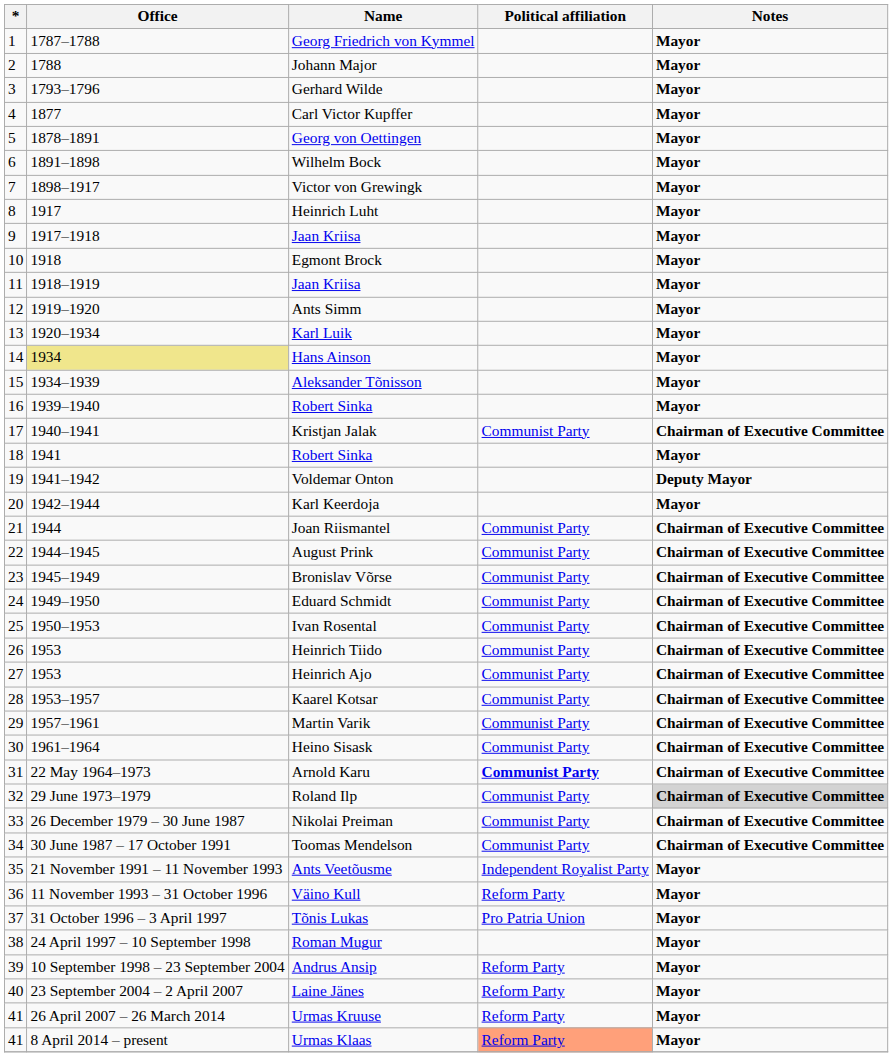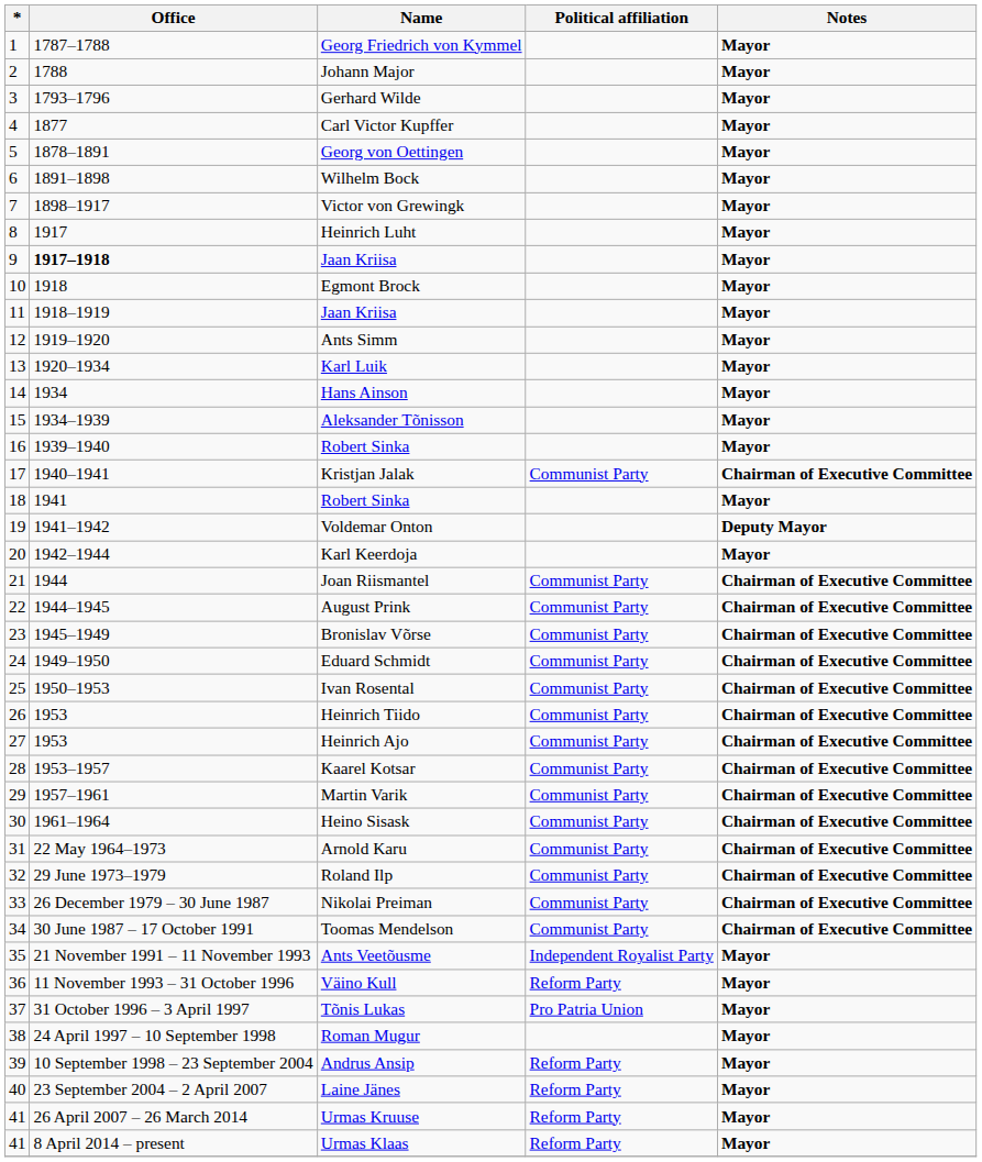 <table class="wikitable">
 <tr>
 <th>*</th>
 <th>Office</th>
 <th>Name</th>
 <th>Political affiliation</th>
 <th>Notes</th>
 </tr>
 <tr>
 <td style="text-align: justify">1</td>
 <td>1787–1788</td>
 <td><a href='#'>Georg Friedrich von Kymmel</a></td>
 <td></td>
 <td><strong>Mayor</strong></td>
 </tr>
 <tr>
 <td style="text-align: justify">2</td>
 <td>1788</td>
 <td>Johann Major</td>
 <td></td>
 <td><strong>Mayor</strong></td>
 </tr>
 <tr>
 <td style="text-align: justify">3</td>
 <td>1793–1796</td>
 <td>Gerhard Wilde</td>
 <td></td>
 <td><strong>Mayor</strong></td>
 </tr>
 <tr>
 <td style="text-align: justify">4</td>
 <td>1877</td>
 <td>Carl Victor Kupffer</td>
 <td></td>
 <td><strong>Mayor</strong></td>
 </tr>
 <tr>
 <td style="text-align: justify">5</td>
 <td>1878–1891</td>
 <td><a href='#'>Georg von Oettingen</a></td>
 <td></td>
 <td><strong>Mayor</strong></td>
 </tr>
 <tr>
 <td style="text-align: justify">6</td>
 <td>1891–1898</td>
 <td>Wilhelm Bock</td>
 <td></td>
 <td><strong>Mayor</strong></td>
 </tr>
 <tr>
 <td style="text-align: justify">7</td>
 <td>1898–1917</td>
 <td>Victor von Grewingk</td>
 <td></td>
 <td><strong>Mayor</strong></td>
 </tr>
 <tr>
 <td style="text-align: justify">8</td>
 <td>1917</td>
 <td>Heinrich Luht</td>
 <td></td>
 <td><strong>Mayor</strong></td>
 </tr>
 <tr>
 <td style="text-align: justify">9</td>
-<td>1917–1918</td>
+<td><strong>1917–1918</strong></td>
 <td><a href='#'>Jaan Kriisa</a></td>
 <td></td>
 <td><strong>Mayor</strong></td>
 </tr>
 <tr>
 <td style="text-align: justify">10</td>
 <td>1918</td>
 <td>Egmont Brock</td>
 <td></td>
 <td><strong>Mayor</strong></td>
 </tr>
 <tr>
 <td style="text-align: justify">11</td>
 <td>1918–1919</td>
 <td><a href='#'>Jaan Kriisa</a></td>
 <td></td>
 <td><strong>Mayor</strong></td>
 </tr>
 <tr>
 <td style="text-align: justify">12</td>
 <td>1919–1920</td>
 <td>Ants Simm</td>
 <td></td>
 <td><strong>Mayor</strong></td>
 </tr>
 <tr>
 <td style="text-align: justify">13</td>
 <td>1920–1934</td>
 <td><a href='#'>Karl Luik</a></td>
 <td></td>
 <td><strong>Mayor</strong></td>
 </tr>
 <tr>
 <td style="text-align: justify">14</td>
-<td style="background: khaki;">1934</td>
+<td>1934</td>
 <td><a href='#'>Hans Ainson</a></td>
 <td></td>
 <td><strong>Mayor</strong></td>
 </tr>
 <tr>
 <td style="text-align: justify">15</td>
 <td>1934–1939</td>
 <td><a href='#'>Aleksander Tõnisson</a></td>
 <td></td>
 <td><strong>Mayor</strong></td>
 </tr>
 <tr>
 <td style="text-align: justify">16</td>
 <td>1939–1940</td>
 <td><a href='#'>Robert Sinka</a></td>
 <td></td>
 <td><strong>Mayor</strong></td>
 </tr>
 <tr>
 <td style="text-align: justify">17</td>
 <td>1940–1941</td>
 <td>Kristjan Jalak</td>
 <td><a href='#'>Communist Party</a></td>
 <td><strong>Chairman of Executive Committee</strong></td>
 </tr>
 <tr>
 <td style="text-align: justify">18</td>
 <td>1941</td>
 <td><a href='#'>Robert Sinka</a></td>
 <td></td>
 <td><strong>Mayor</strong></td>
 </tr>
 <tr>
 <td style="text-align: justify">19</td>
 <td>1941–1942</td>
 <td>Voldemar Onton</td>
 <td></td>
 <td><strong>Deputy Mayor</strong></td>
 </tr>
 <tr>
 <td style="text-align: justify">20</td>
 <td>1942–1944</td>
 <td>Karl Keerdoja</td>
 <td></td>
 <td><strong>Mayor</strong></td>
 </tr>
 <tr>
 <td style="text-align: justify">21</td>
 <td>1944</td>
 <td>Joan Riismantel</td>
 <td><a href='#'>Communist Party</a></td>
 <td><strong>Chairman of Executive Committee</strong></td>
 </tr>
 <tr>
 <td style="text-align: justify">22</td>
 <td>1944–1945</td>
 <td>August Prink</td>
 <td><a href='#'>Communist Party</a></td>
 <td><strong>Chairman of Executive Committee</strong></td>
 </tr>
 <tr>
 <td style="text-align: justify">23</td>
 <td>1945–1949</td>
 <td>Bronislav Võrse</td>
 <td><a href='#'>Communist Party</a></td>
 <td><strong>Chairman of Executive Committee</strong></td>
 </tr>
 <tr>
 <td style="text-align: justify">24</td>
 <td>1949–1950</td>
 <td>Eduard Schmidt</td>
 <td><a href='#'>Communist Party</a></td>
 <td><strong>Chairman of Executive Committee</strong></td>
 </tr>
 <tr>
 <td style="text-align: justify">25</td>
 <td>1950–1953</td>
 <td>Ivan Rosental</td>
 <td><a href='#'>Communist Party</a></td>
 <td><strong>Chairman of Executive Committee</strong></td>
 </tr>
 <tr>
 <td style="text-align: justify">26</td>
 <td>1953</td>
 <td>Heinrich Tiido</td>
 <td><a href='#'>Communist Party</a></td>
 <td><strong>Chairman of Executive Committee</strong></td>
 </tr>
 <tr>
 <td style="text-align: justify">27</td>
 <td>1953</td>
 <td>Heinrich Ajo</td>
 <td><a href='#'>Communist Party</a></td>
 <td><strong>Chairman of Executive Committee</strong></td>
 </tr>
 <tr>
 <td style="text-align: justify">28</td>
 <td>1953–1957</td>
 <td>Kaarel Kotsar</td>
 <td><a href='#'>Communist Party</a></td>
 <td><strong>Chairman of Executive Committee</strong></td>
 </tr>
 <tr>
 <td style="text-align: justify">29</td>
 <td>1957–1961</td>
 <td>Martin Varik</td>
 <td><a href='#'>Communist Party</a></td>
 <td><strong>Chairman of Executive Committee</strong></td>
 </tr>
 <tr>
 <td style="text-align: justify">30</td>
 <td>1961–1964</td>
 <td>Heino Sisask</td>
 <td><a href='#'>Communist Party</a></td>
 <td><strong>Chairman of Executive Committee</strong></td>
 </tr>
 <tr>
 <td style="text-align: justify">31</td>
 <td>22 May 1964–1973</td>
 <td>Arnold Karu</td>
-<td><strong><a href='#'>Communist Party</a></strong></td>
+<td><a href='#'>Communist Party</a></td>
 <td><strong>Chairman of Executive Committee</strong></td>
 </tr>
 <tr>
 <td style="text-align: justify">32</td>
 <td>29 June 1973–1979</td>
 <td>Roland Ilp</td>
 <td><a href='#'>Communist Party</a></td>
-<td style="background: lightgrey;"><strong>Chairman of Executive Committee</strong></td>
+<td><strong>Chairman of Executive Committee</strong></td>
 </tr>
 <tr>
 <td style="text-align: justify">33</td>
 <td>26 December 1979 – 30 June 1987</td>
 <td>Nikolai Preiman</td>
 <td><a href='#'>Communist Party</a></td>
 <td><strong>Chairman of Executive Committee</strong></td>
 </tr>
 <tr>
 <td style="text-align: justify">34</td>
 <td>30 June 1987 – 17 October 1991</td>
 <td>Toomas Mendelson</td>
 <td><a href='#'>Communist Party</a></td>
 <td><strong>Chairman of Executive Committee</strong></td>
 </tr>
 <tr>
 <td style="text-align: justify">35</td>
 <td>21 November 1991 – 11 November 1993</td>
 <td><a href='#'>Ants Veetõusme</a></td>
 <td><a href='#'>Independent Royalist Party</a></td>
 <td><strong>Mayor</strong></td>
 </tr>
 <tr>
 <td style="text-align: justify">36</td>
 <td>11 November 1993 – 31 October 1996</td>
 <td><a href='#'>Väino Kull</a></td>
 <td><a href='#'>Reform Party</a></td>
 <td><strong>Mayor</strong></td>
 </tr>
 <tr>
 <td style="text-align: justify">37</td>
 <td>31 October 1996 – 3 April 1997</td>
 <td><a href='#'>Tõnis Lukas</a></td>
 <td><a href='#'>Pro Patria Union</a></td>
 <td><strong>Mayor</strong></td>
 </tr>
 <tr>
 <td style="text-align: justify">38</td>
 <td>24 April 1997 – 10 September 1998</td>
 <td><a href='#'>Roman Mugur</a></td>
 <td></td>
 <td><strong>Mayor</strong></td>
 </tr>
 <tr>
 <td style="text-align: justify">39</td>
 <td>10 September 1998 – 23 September 2004</td>
 <td><a href='#'>Andrus Ansip</a></td>
 <td><a href='#'>Reform Party</a></td>
 <td><strong>Mayor</strong></td>
 </tr>
 <tr>
 <td style="text-align: justify">40</td>
 <td>23 September 2004 – 2 April 2007</td>
 <td><a href='#'>Laine Jänes</a></td>
 <td><a href='#'>Reform Party</a></td>
 <td><strong>Mayor</strong></td>
 </tr>
 <tr>
 <td style="text-align: justify">41</td>
 <td>26 April 2007 – 26 March 2014</td>
 <td><a href='#'>Urmas Kruuse</a></td>
 <td><a href='#'>Reform Party</a></td>
 <td><strong>Mayor</strong></td>
 </tr>
 <tr>
 <td style="text-align: justify">41</td>
 <td>8 April 2014 – present</td>
 <td><a href='#'>Urmas Klaas</a></td>
-<td style="background: lightsalmon;"><a href='#'>Reform Party</a></td>
+<td><a href='#'>Reform Party</a></td>
 <td><strong>Mayor</strong></td>
 </tr>
 <tr>
 </tr>
 </table>
